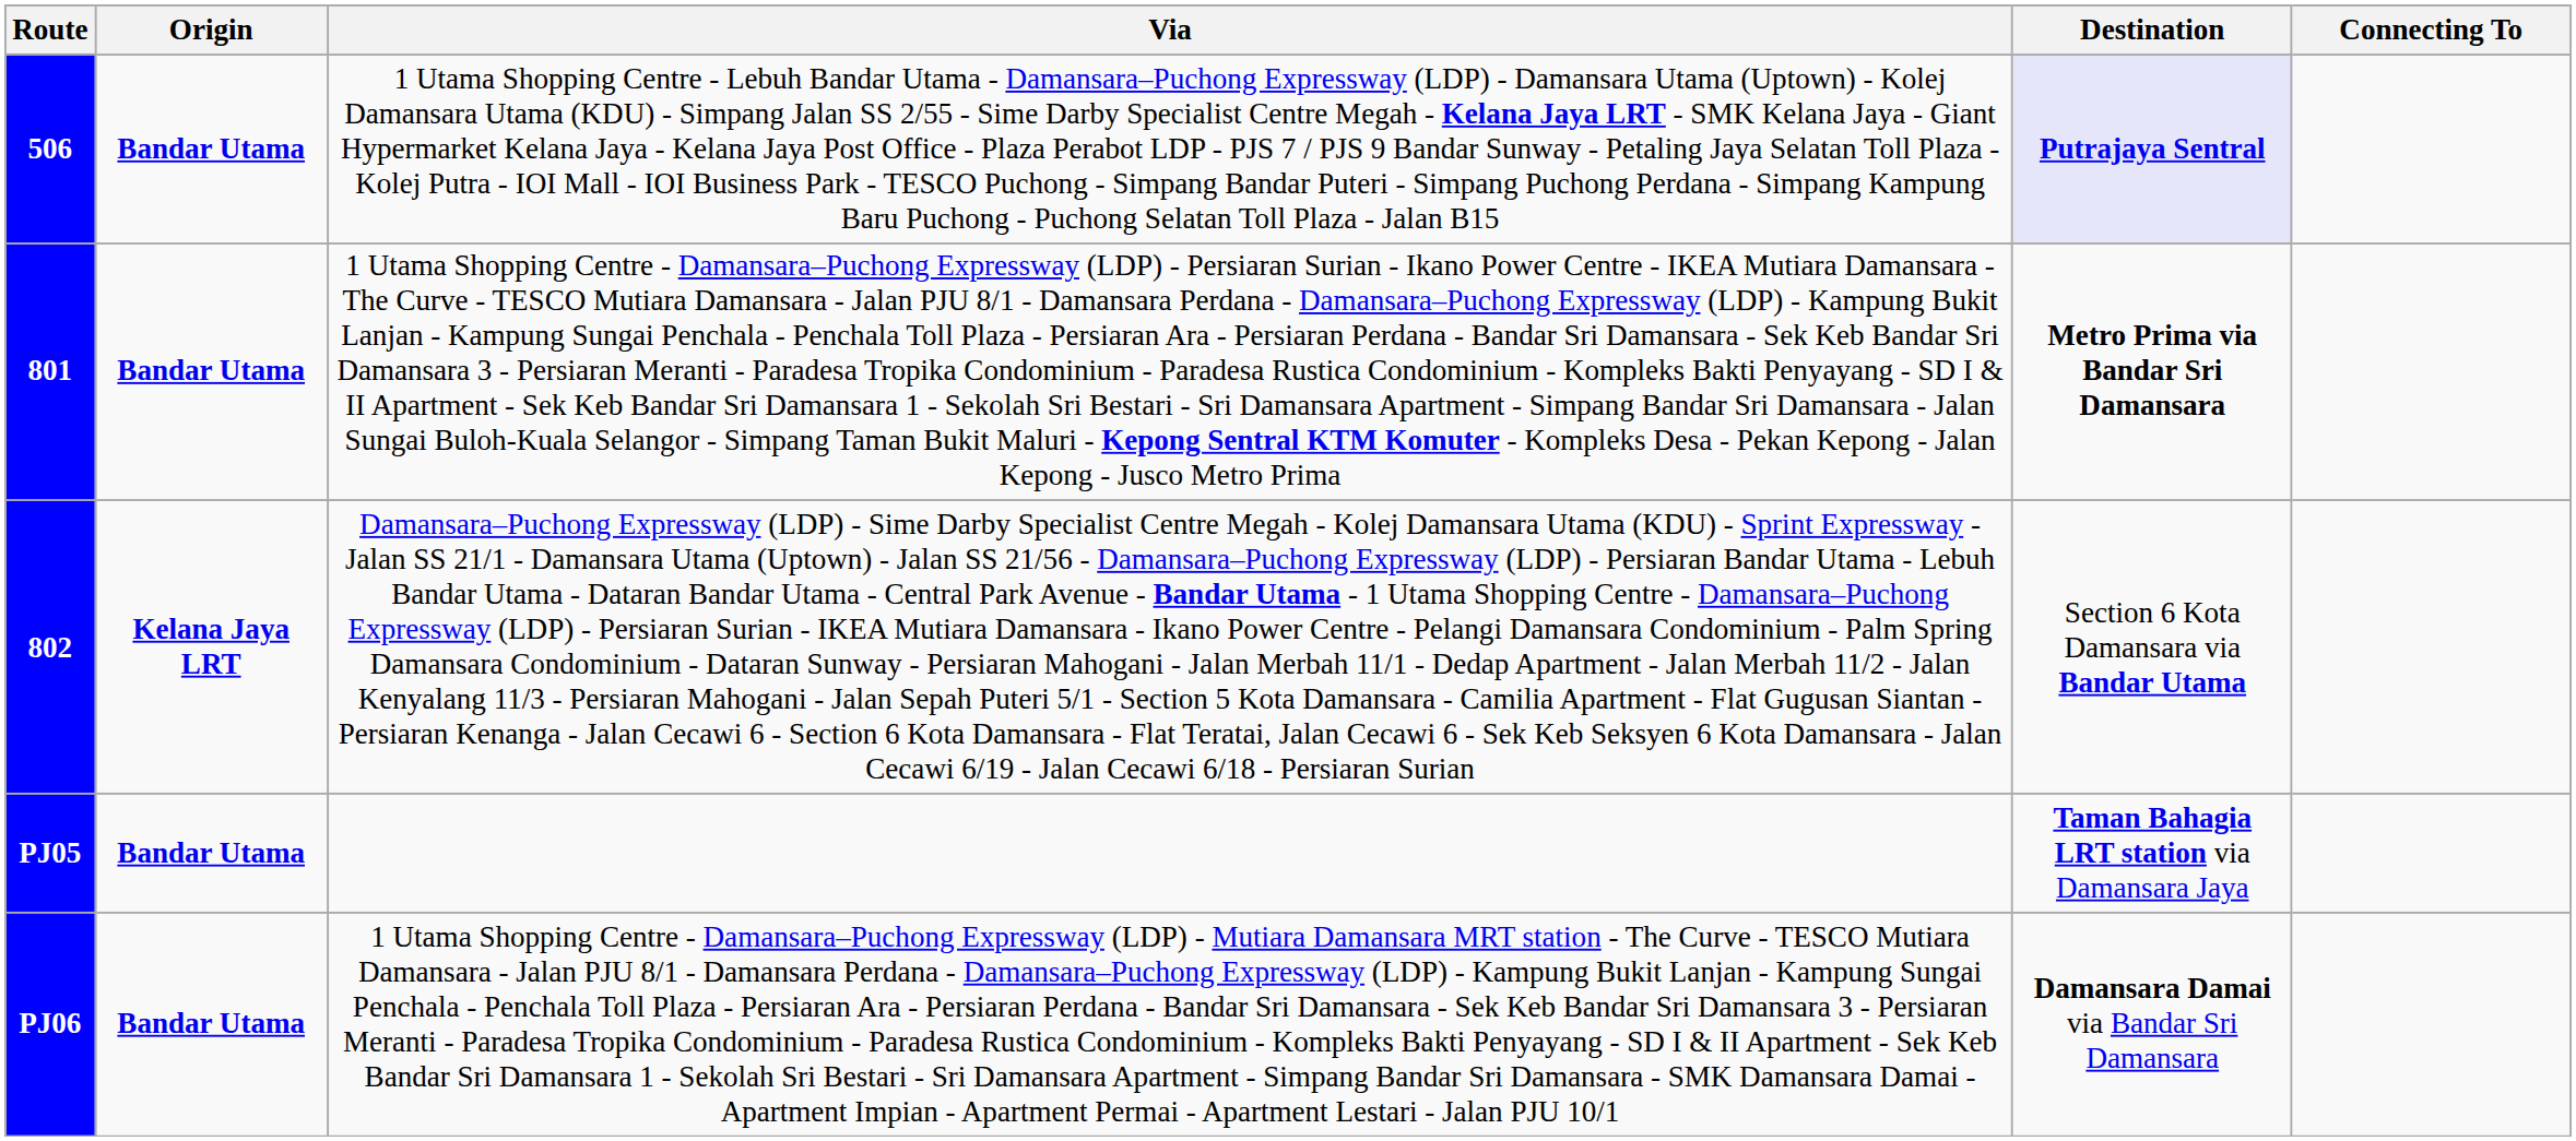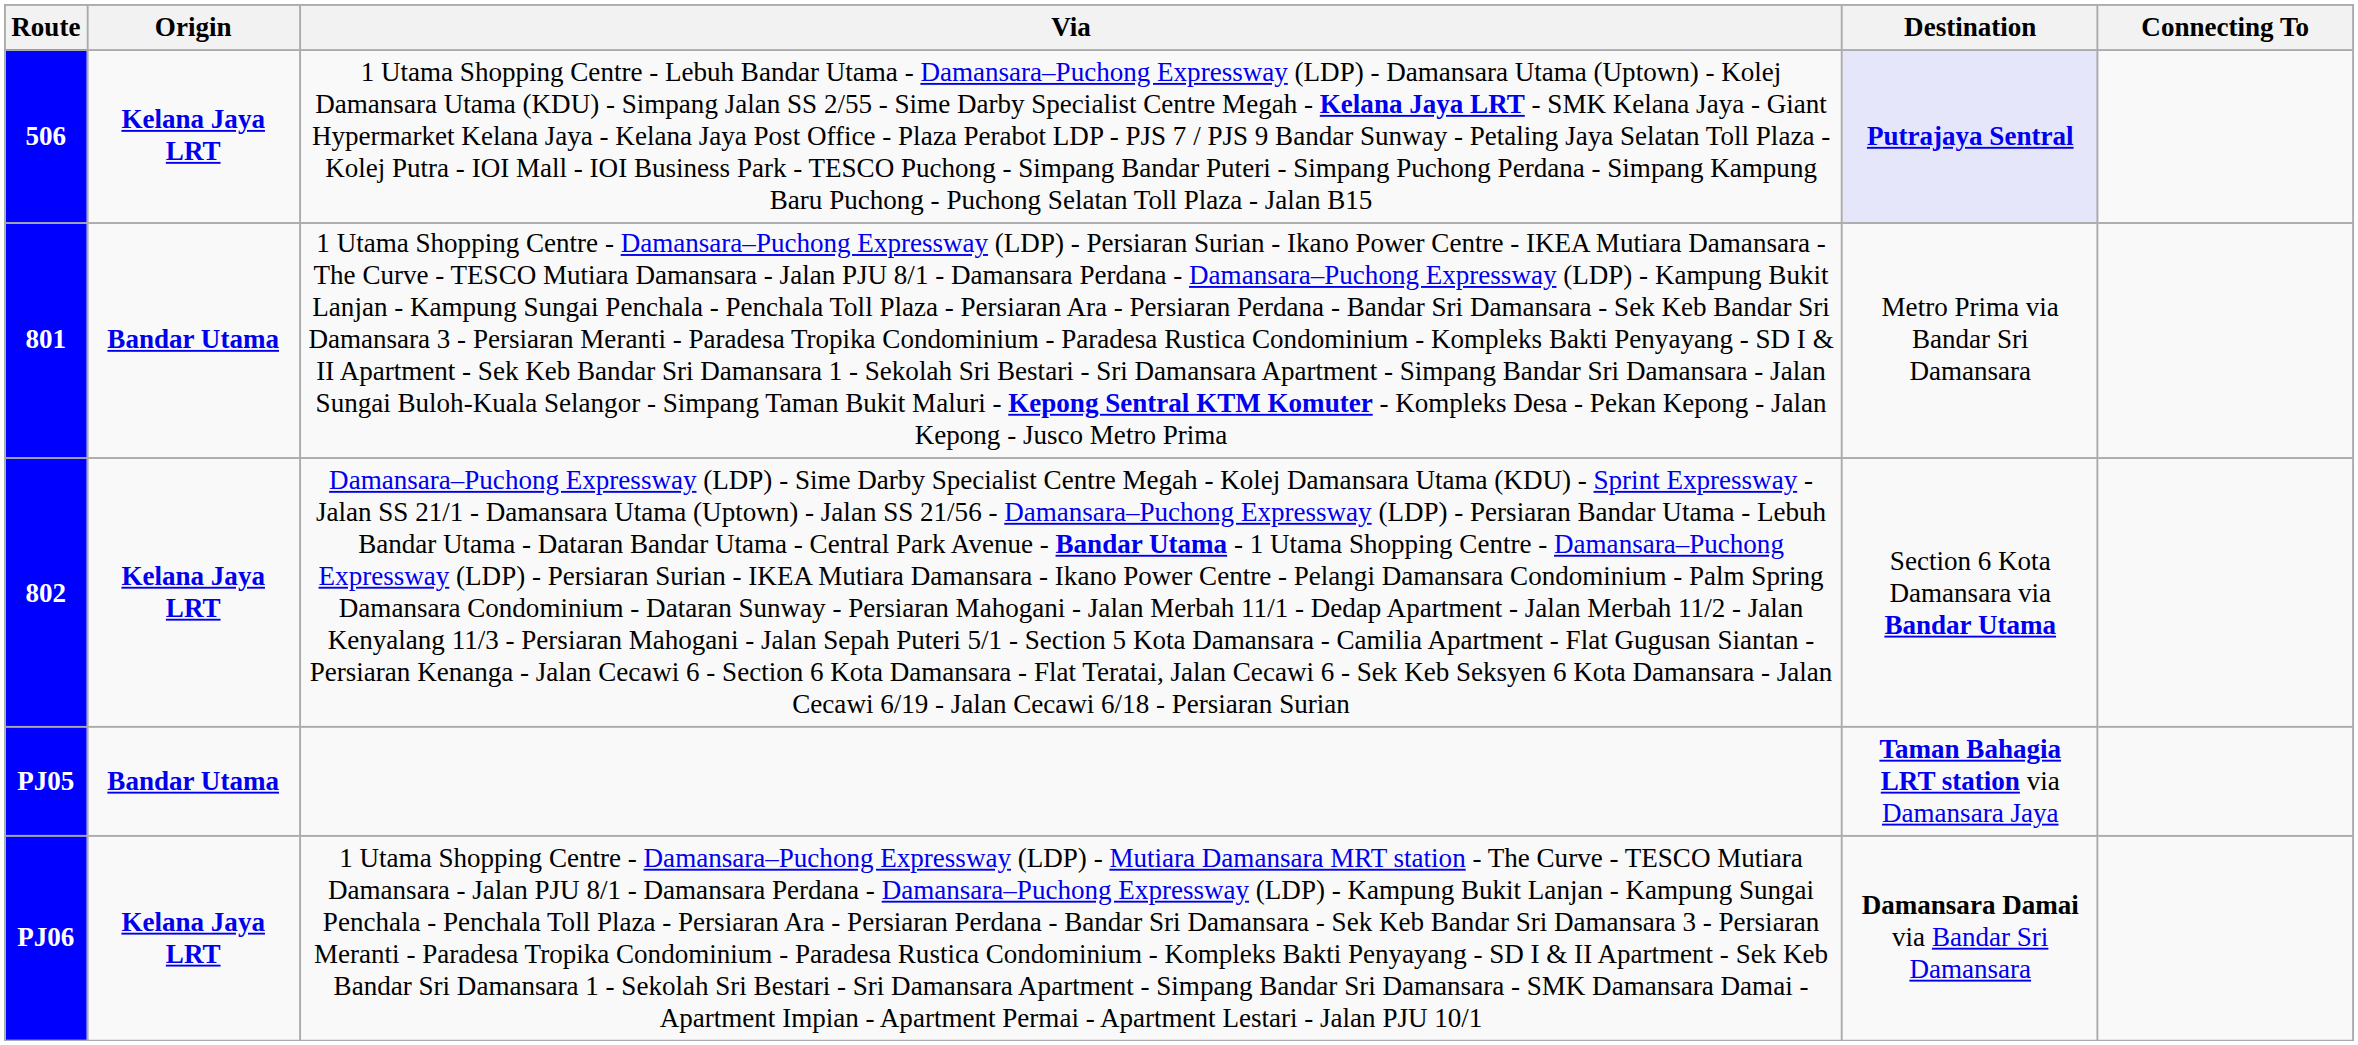 <table class="wikitable" style="font-size: 90%;text-align:center;">
 <tr>
 <th width="15">Route</th>
 <th width="700">Origin</th>
 <th width="8000">Via</th>
 <th width="700">Destination</th>
 <th width="700">Connecting To</th>
 </tr>
 <tr>
 <td style="background:blue;color:white;"><strong>506</strong></td>
-<td><strong><a href='#'>Bandar Utama</a></strong></td>
+<td><strong><a href='#'>Kelana Jaya LRT</a></strong></td>
 <td>1 Utama Shopping Centre - Lebuh Bandar Utama - <a href='#'>Damansara–Puchong Expressway</a> (LDP) - Damansara Utama (Uptown) - Kolej Damansara Utama (KDU) - Simpang Jalan SS 2/55 - Sime Darby Specialist Centre Megah - <strong><a href='#'>Kelana Jaya LRT</a></strong> - SMK Kelana Jaya - Giant Hypermarket Kelana Jaya - Kelana Jaya Post Office - Plaza Perabot LDP - PJS 7 / PJS 9 Bandar Sunway - Petaling Jaya Selatan Toll Plaza - Kolej Putra - IOI Mall - IOI Business Park - TESCO Puchong - Simpang Bandar Puteri - Simpang Puchong Perdana - Simpang Kampung Baru Puchong - Puchong Selatan Toll Plaza - Jalan B15</td>
 <td style="background: lavender;"><strong><a href='#'>Putrajaya Sentral</a></strong></td>
 <td style="font-size:80%;"></td>
 </tr>
 <tr>
 <td style="background:blue;color:white;"><strong>801</strong></td>
 <td><strong><a href='#'>Bandar Utama</a></strong></td>
 <td>1 Utama Shopping Centre - <a href='#'>Damansara–Puchong Expressway</a> (LDP) - Persiaran Surian - Ikano Power Centre - IKEA Mutiara Damansara - The Curve - TESCO Mutiara Damansara - Jalan PJU 8/1 - Damansara Perdana - <a href='#'>Damansara–Puchong Expressway</a> (LDP) - Kampung Bukit Lanjan - Kampung Sungai Penchala - Penchala Toll Plaza - Persiaran Ara - Persiaran Perdana - Bandar Sri Damansara - Sek Keb Bandar Sri Damansara 3 - Persiaran Meranti - Paradesa Tropika Condominium - Paradesa Rustica Condominium - Kompleks Bakti Penyayang - SD I & II Apartment - Sek Keb Bandar Sri Damansara 1 - Sekolah Sri Bestari - Sri Damansara Apartment - Simpang Bandar Sri Damansara - Jalan Sungai Buloh-Kuala Selangor - Simpang Taman Bukit Maluri - <strong><a href='#'>Kepong Sentral KTM Komuter</a></strong> - Kompleks Desa - Pekan Kepong - Jalan Kepong - Jusco Metro Prima</td>
-<td><strong>Metro Prima via Bandar Sri Damansara</strong></td>
+<td>Metro Prima via Bandar Sri Damansara</td>
 <td style="font-size:80%;"></td>
 </tr>
 <tr>
 <td style="background:blue;color:white;"><strong>802</strong></td>
 <td><strong><a href='#'>Kelana Jaya LRT</a></strong></td>
 <td><a href='#'>Damansara–Puchong Expressway</a> (LDP) - Sime Darby Specialist Centre Megah - Kolej Damansara Utama (KDU) - <a href='#'>Sprint Expressway</a> - Jalan SS 21/1 - Damansara Utama (Uptown) - Jalan SS 21/56 - <a href='#'>Damansara–Puchong Expressway</a> (LDP) - Persiaran Bandar Utama - Lebuh Bandar Utama - Dataran Bandar Utama - Central Park Avenue - <strong><a href='#'>Bandar Utama</a></strong> - 1 Utama Shopping Centre - <a href='#'>Damansara–Puchong Expressway</a> (LDP) - Persiaran Surian - IKEA Mutiara Damansara - Ikano Power Centre - Pelangi Damansara Condominium - Palm Spring Damansara Condominium - Dataran Sunway - Persiaran Mahogani - Jalan Merbah 11/1 - Dedap Apartment - Jalan Merbah 11/2 - Jalan Kenyalang 11/3 - Persiaran Mahogani - Jalan Sepah Puteri 5/1 - Section 5 Kota Damansara - Camilia Apartment - Flat Gugusan Siantan - Persiaran Kenanga - Jalan Cecawi 6 - Section 6 Kota Damansara - Flat Teratai, Jalan Cecawi 6 - Sek Keb Seksyen 6 Kota Damansara - Jalan Cecawi 6/19 - Jalan Cecawi 6/18 - Persiaran Surian</td>
 <td>Section 6 Kota Damansara via <strong><a href='#'>Bandar Utama</a></strong></td>
 <td style="font-size:80%;"></td>
 </tr>
 <tr>
 <td style="background:blue;color:white;"><strong>PJ05</strong></td>
 <td><strong><a href='#'>Bandar Utama</a></strong></td>
 <td></td>
 <td><strong><a href='#'>Taman Bahagia LRT station</a></strong> via <a href='#'>Damansara Jaya</a></td>
 <td style="font-size:80%;"></td>
 </tr>
 <tr>
 <td style="background:blue;color:white;"><strong>PJ06</strong></td>
-<td><strong><a href='#'>Bandar Utama</a></strong></td>
+<td><strong><a href='#'>Kelana Jaya LRT</a></strong></td>
 <td>1 Utama Shopping Centre - <a href='#'>Damansara–Puchong Expressway</a> (LDP) - <a href='#'>Mutiara Damansara MRT station</a> - The Curve - TESCO Mutiara Damansara - Jalan PJU 8/1 - Damansara Perdana - <a href='#'>Damansara–Puchong Expressway</a> (LDP) - Kampung Bukit Lanjan - Kampung Sungai Penchala - Penchala Toll Plaza - Persiaran Ara - Persiaran Perdana - Bandar Sri Damansara - Sek Keb Bandar Sri Damansara 3 - Persiaran Meranti - Paradesa Tropika Condominium - Paradesa Rustica Condominium - Kompleks Bakti Penyayang - SD I & II Apartment - Sek Keb Bandar Sri Damansara 1 - Sekolah Sri Bestari - Sri Damansara Apartment - Simpang Bandar Sri Damansara - SMK Damansara Damai - Apartment Impian - Apartment Permai - Apartment Lestari - Jalan PJU 10/1</td>
 <td><strong>Damansara Damai</strong> via <a href='#'>Bandar Sri Damansara</a></td>
 <td style="font-size:80%;"></td>
 </tr>
 <tr>
 </tr>
 </table>
